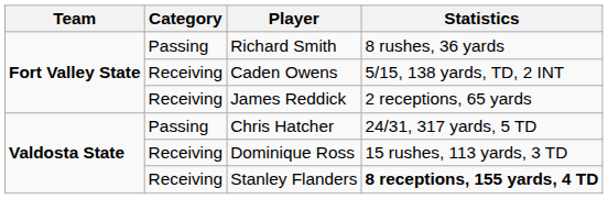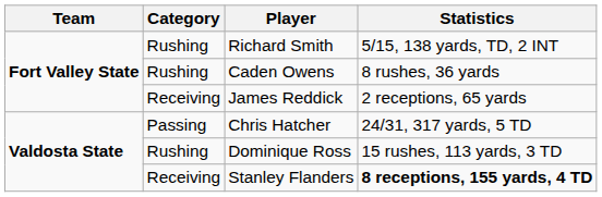 <table class="wikitable" style="float: left;">
 <tr>
 <th>Team</th>
 <th>Category</th>
 <th>Player</th>
 <th>Statistics</th>
 </tr>
 <tr>
 <td rowspan=3><strong>Fort Valley State</strong></td>
-<td>Passing</td>
+<td>Rushing</td>
 <td>Richard Smith</td>
-<td>8 rushes, 36 yards</td>
+<td>5/15, 138 yards, TD, 2 INT</td>
 </tr>
 <tr>
-<td>Receiving</td>
+<td>Rushing</td>
 <td>Caden Owens</td>
-<td>5/15, 138 yards, TD, 2 INT</td>
+<td>8 rushes, 36 yards</td>
 </tr>
 <tr>
 <td>Receiving</td>
 <td>James Reddick</td>
 <td>2 receptions, 65 yards</td>
 </tr>
 <tr>
 <td rowspan=3><strong>Valdosta State</strong></td>
 <td>Passing</td>
 <td>Chris Hatcher</td>
 <td>24/31, 317 yards, 5 TD</td>
 </tr>
 <tr>
-<td>Receiving</td>
+<td>Rushing</td>
 <td>Dominique Ross</td>
 <td>15 rushes, 113 yards, 3 TD</td>
 </tr>
 <tr>
 <td>Receiving</td>
 <td>Stanley Flanders</td>
 <td><strong>8 receptions, 155 yards, 4 TD</strong></td>
 </tr>
 </table>
